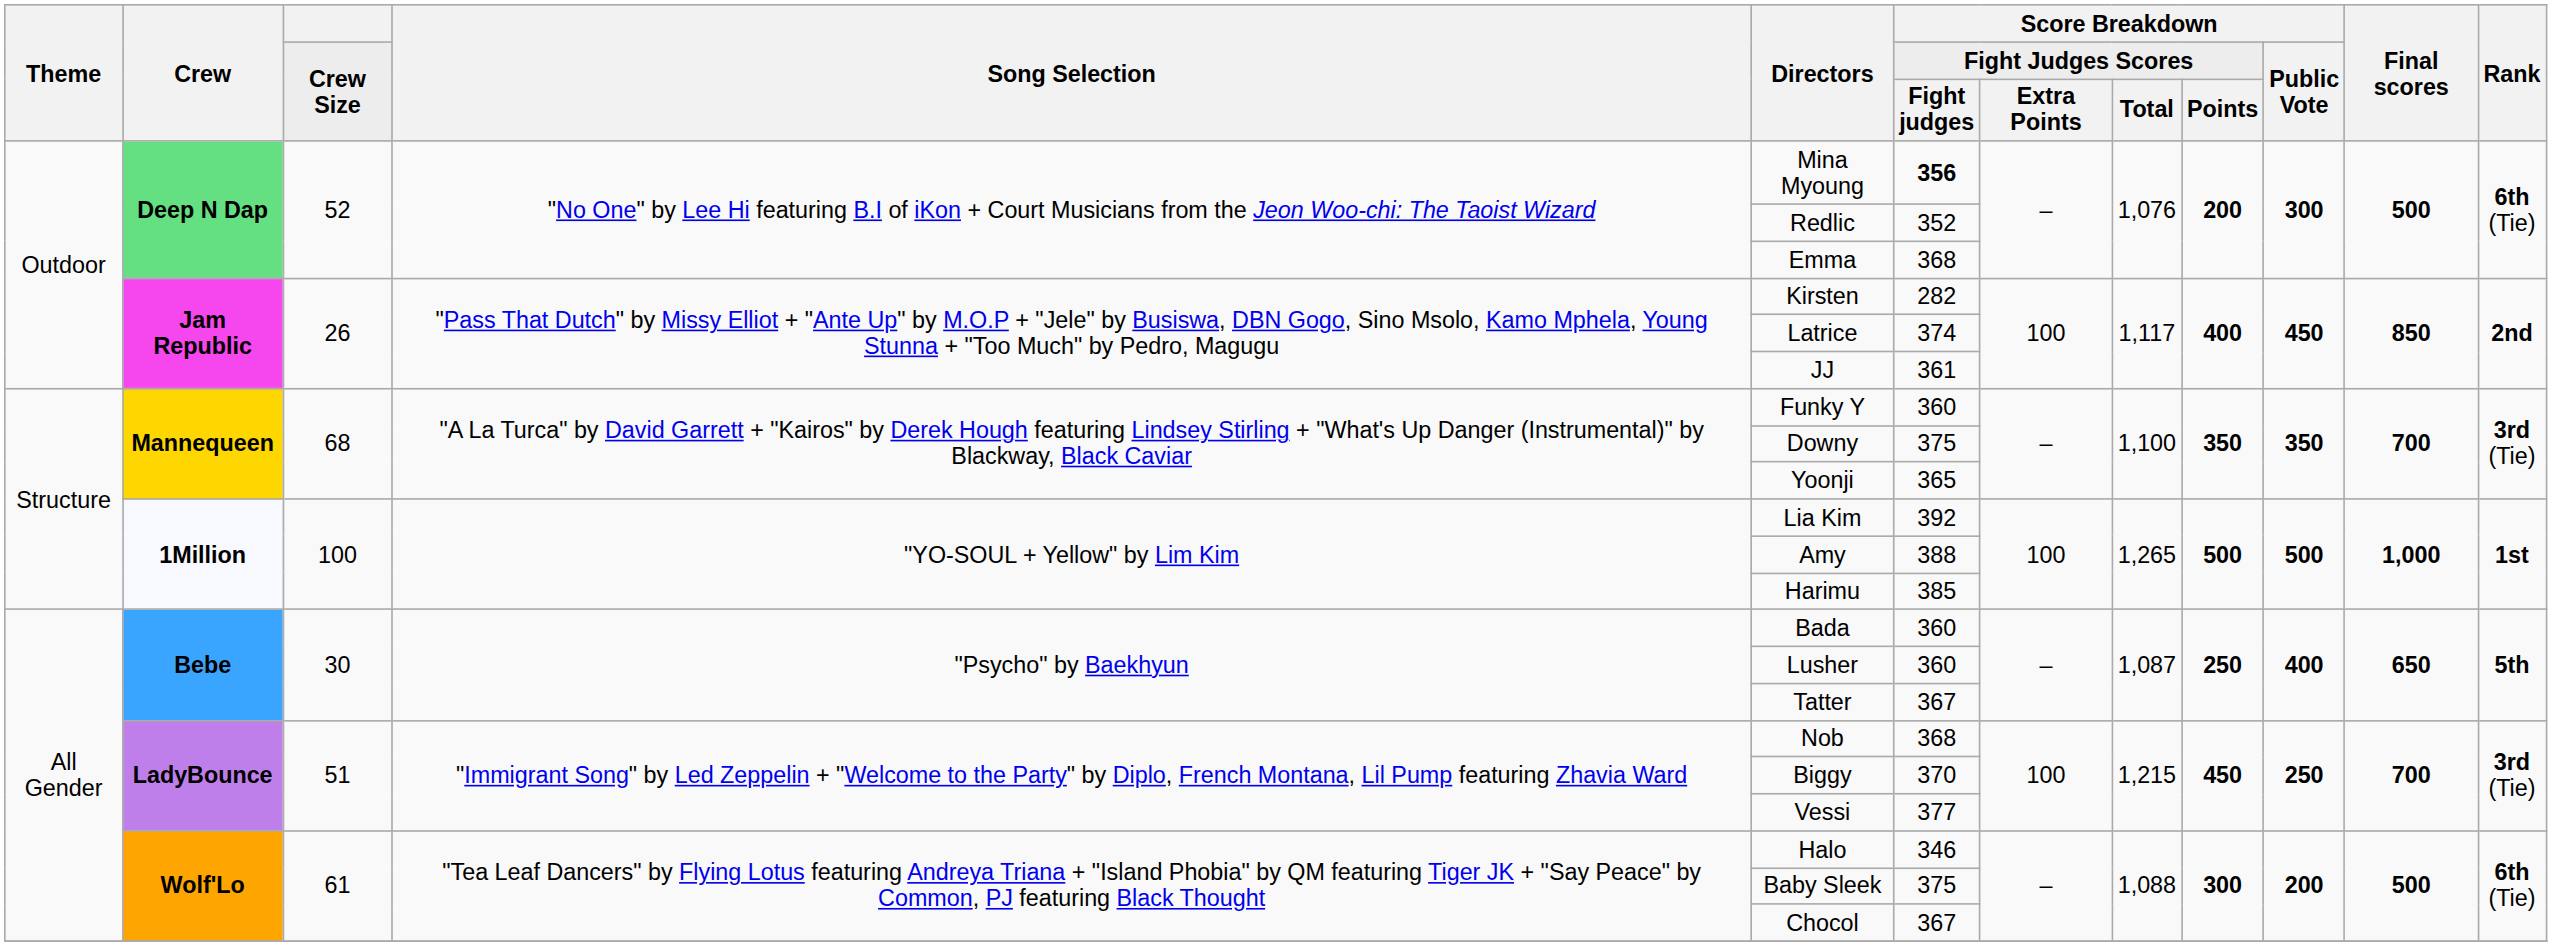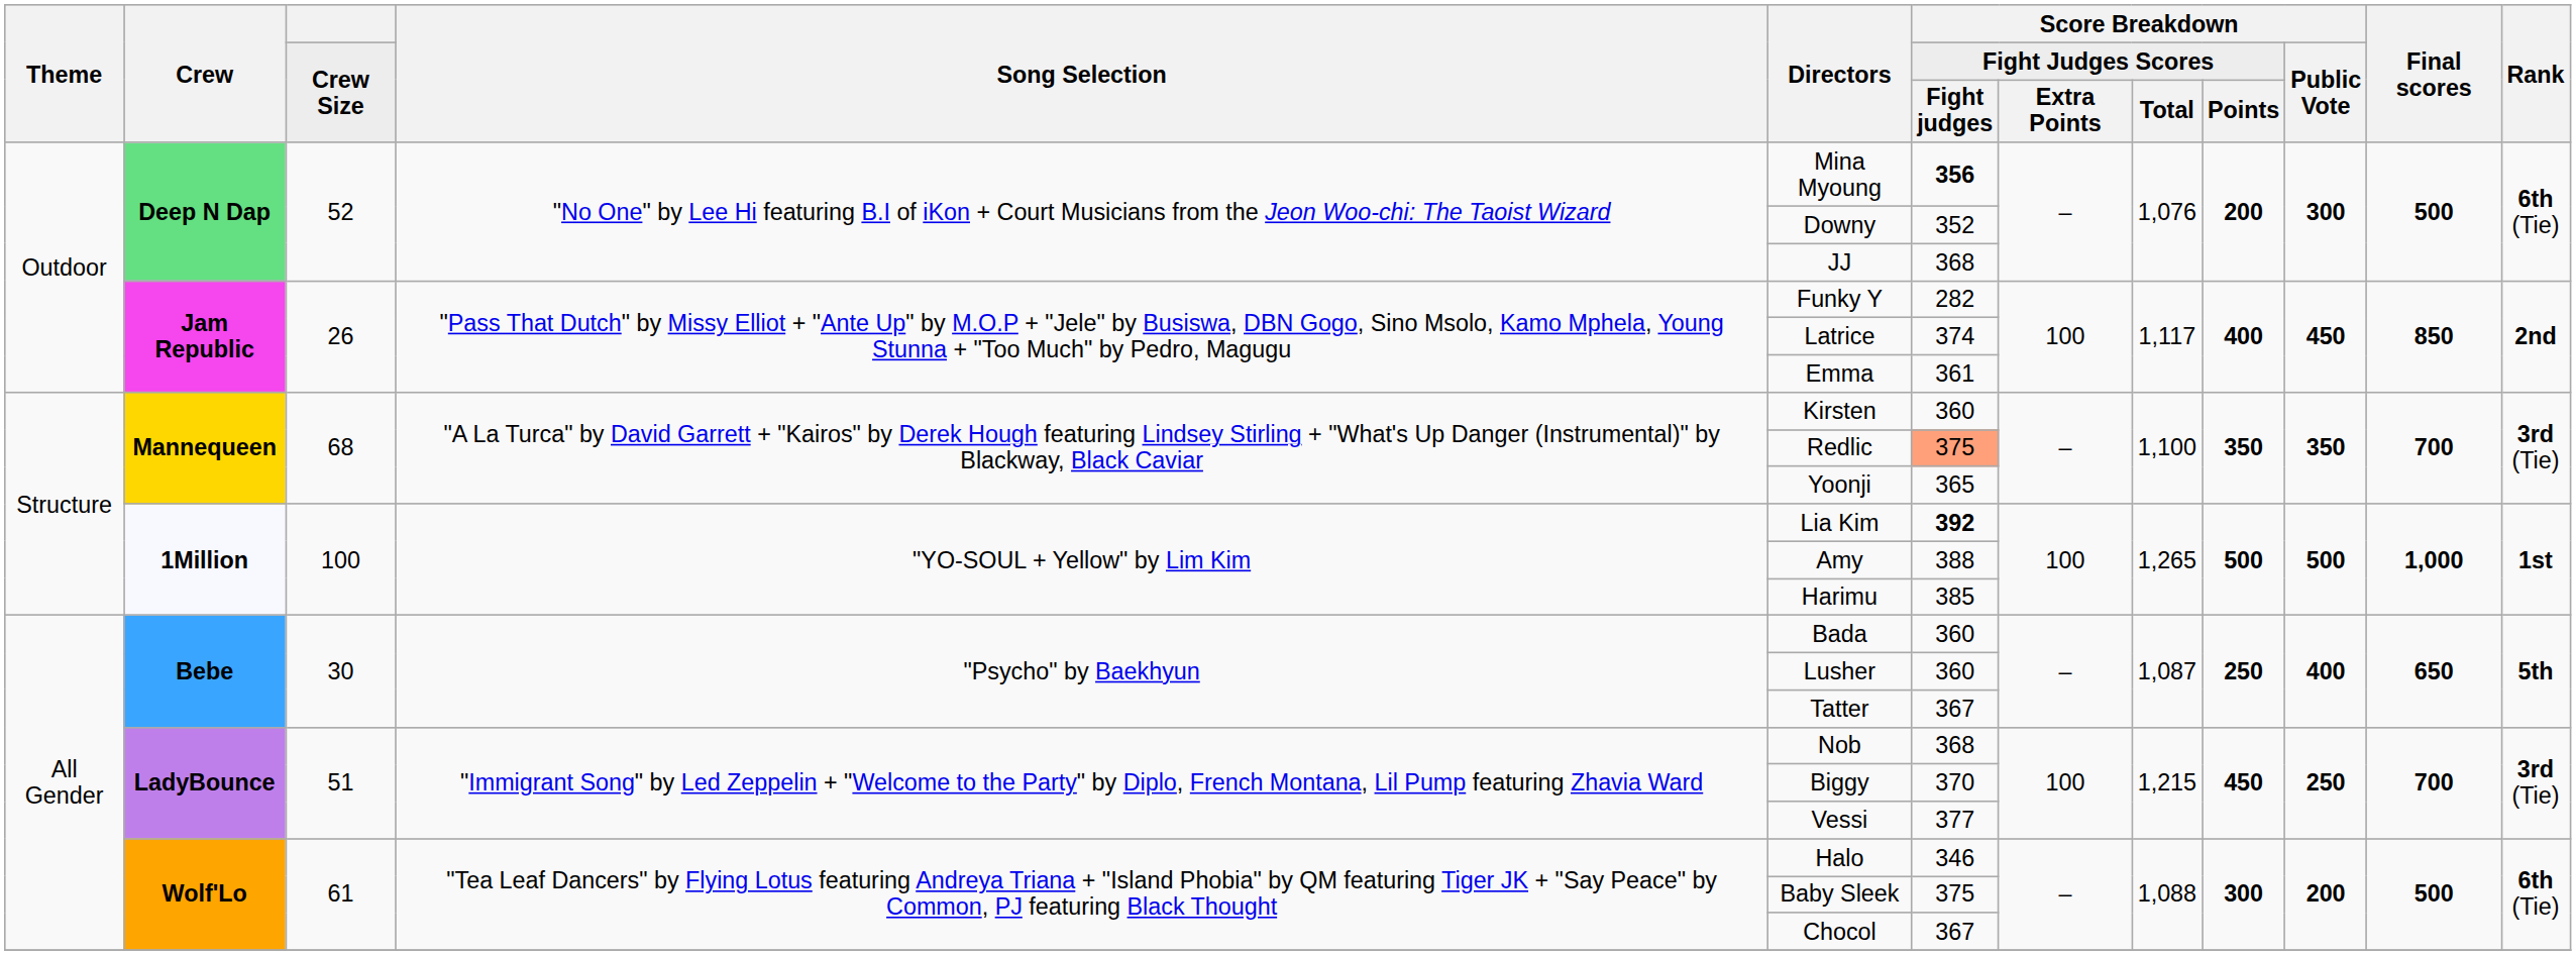 <table class="wikitable sortable" style="text-align:center; font-size:90%">
 <tr>
 <th rowspan="3">Theme</th>
 <th rowspan="3">Crew</th>
 <th></th>
 <th rowspan="3">Song Selection</th>
 <th rowspan="3">Directors</th>
 <th colspan="5">Score Breakdown</th>
 <th rowspan="3">Final scores</th>
 <th rowspan="3">Rank</th>
 </tr>
 <tr>
 <th rowspan="2" style="background:#EDEDED">Crew Size</th>
 <th colspan="4" style="background:#EDEDED">Fight Judges Scores</th>
 <th rowspan="2">Public<br>Vote</th>
 </tr>
 <tr>
 <th>Fight<br>judges</th>
 <th>Extra Points</th>
 <th>Total</th>
 <th>Points</th>
 </tr>
 <tr>
 <td rowspan="6">Outdoor</td>
 <td rowspan="3" style="background:#64E082"><strong>Deep N Dap</strong></td>
 <td rowspan="3">52</td>
 <td rowspan="3">"<a href='#'>No One</a>" by <a href='#'>Lee Hi</a> featuring <a href='#'>B.I</a> of <a href='#'>iKon</a> + Court Musicians from the <em><a href='#'>Jeon Woo-chi: The Taoist Wizard</a></em></td>
 <td>Mina Myoung</td>
 <td><strong>356</strong></td>
 <td rowspan="3">–</td>
 <td rowspan="3">1,076</td>
 <td rowspan="3"><strong>200</strong></td>
 <td rowspan="3"><strong>300</strong></td>
 <td rowspan="3"><strong>500</strong></td>
 <td rowspan="3"><strong>6th</strong><br>(Tie)</td>
 </tr>
 <tr>
-<td>Redlic</td>
+<td>Downy</td>
 <td>352</td>
 </tr>
 <tr>
-<td>Emma</td>
+<td>JJ</td>
 <td>368</td>
 </tr>
 <tr>
 <td style="background:#F646EE" rowspan="3"><strong>Jam Republic</strong></td>
 <td rowspan="3">26</td>
 <td rowspan="3">"<a href='#'>Pass That Dutch</a>" by <a href='#'>Missy Elliot</a> + "<a href='#'>Ante Up</a>" by <a href='#'>M.O.P</a> + "Jele" by <a href='#'>Busiswa</a>, <a href='#'>DBN Gogo</a>, Sino Msolo, <a href='#'>Kamo Mphela</a>, <a href='#'>Young Stunna</a> + "Too Much" by Pedro, Magugu</td>
-<td>Kirsten</td>
+<td>Funky Y</td>
 <td>282</td>
 <td rowspan="3">100</td>
 <td rowspan="3">1,117</td>
 <td rowspan="3"><strong>400</strong></td>
 <td rowspan="3"><strong>450</strong></td>
 <td rowspan="3"><strong>850</strong></td>
 <td rowspan="3"><strong>2nd</strong></td>
 </tr>
 <tr>
 <td>Latrice</td>
 <td>374</td>
 </tr>
 <tr>
-<td>JJ</td>
+<td>Emma</td>
 <td>361</td>
 </tr>
 <tr>
 <td rowspan="6">Structure</td>
 <td rowspan="3" style="background:gold"><strong>Mannequeen</strong></td>
 <td rowspan="3">68</td>
 <td rowspan="3">"A La Turca" by <a href='#'>David Garrett</a> + "Kairos" by <a href='#'>Derek Hough</a> featuring <a href='#'>Lindsey Stirling</a> + "What's Up Danger (Instrumental)" by Blackway, <a href='#'>Black Caviar</a></td>
-<td>Funky Y</td>
+<td>Kirsten</td>
 <td>360</td>
 <td rowspan="3">–</td>
 <td rowspan="3">1,100</td>
 <td rowspan="3"><strong>350</strong></td>
 <td rowspan="3"><strong>350</strong></td>
 <td rowspan="3"><strong>700</strong></td>
 <td rowspan="3"><strong>3rd</strong><br>(Tie)</td>
 </tr>
 <tr>
-<td>Downy</td>
-<td>375</td>
+<td>Redlic</td>
+<td style="background: lightsalmon;">375</td>
 </tr>
 <tr>
 <td>Yoonji</td>
 <td>365</td>
 </tr>
 <tr>
 <td style="background:#F8F8FF" rowspan="3"><strong>1Million</strong></td>
 <td rowspan="3">100</td>
 <td rowspan="3">"YO-SOUL + Yellow" by <a href='#'>Lim Kim</a></td>
 <td>Lia Kim</td>
-<td>392</td>
+<td><strong>392</strong></td>
 <td rowspan="3">100</td>
 <td rowspan="3">1,265</td>
 <td rowspan="3"><strong>500</strong></td>
 <td rowspan="3"><strong>500</strong></td>
 <td rowspan="3"><strong>1,000</strong></td>
 <td rowspan="3"><strong>1st</strong></td>
 </tr>
 <tr>
 <td>Amy</td>
 <td>388</td>
 </tr>
 <tr>
 <td>Harimu</td>
 <td>385</td>
 </tr>
 <tr>
 <td rowspan="9">All Gender</td>
 <td rowspan="3" style="background:#3AA5FF"><strong>Bebe</strong></td>
 <td rowspan="3">30</td>
 <td rowspan="3">"Psycho" by <a href='#'>Baekhyun</a></td>
 <td>Bada</td>
 <td>360</td>
 <td rowspan="3">–</td>
 <td rowspan="3">1,087</td>
 <td rowspan="3"><strong>250</strong></td>
 <td rowspan="3"><strong>400</strong></td>
 <td rowspan="3"><strong>650</strong></td>
 <td rowspan="3"><strong>5th</strong></td>
 </tr>
 <tr>
 <td>Lusher</td>
 <td>360</td>
 </tr>
 <tr>
 <td>Tatter</td>
 <td>367</td>
 </tr>
 <tr>
 <td style="background:#BF7FEB" rowspan="3"><strong>LadyBounce</strong></td>
 <td rowspan="3">51</td>
 <td rowspan="3">"<a href='#'>Immigrant Song</a>" by <a href='#'>Led Zeppelin</a> + "<a href='#'>Welcome to the Party</a>" by <a href='#'>Diplo</a>, <a href='#'>French Montana</a>, <a href='#'>Lil Pump</a> featuring <a href='#'>Zhavia Ward</a></td>
 <td>Nob</td>
 <td>368</td>
 <td rowspan="3">100</td>
 <td rowspan="3">1,215</td>
 <td rowspan="3"><strong>450</strong></td>
 <td rowspan="3"><strong>250</strong></td>
 <td rowspan="3"><strong>700</strong></td>
 <td rowspan="3"><strong>3rd</strong><br>(Tie)</td>
 </tr>
 <tr>
 <td>Biggy</td>
 <td>370</td>
 </tr>
 <tr>
 <td>Vessi</td>
 <td>377</td>
 </tr>
 <tr>
 <td style="background:orange" rowspan="3"><strong>Wolf'Lo</strong></td>
 <td rowspan="3">61</td>
 <td rowspan="3">"Tea Leaf Dancers" by <a href='#'>Flying Lotus</a> featuring <a href='#'>Andreya Triana</a> + "Island Phobia" by QM featuring <a href='#'>Tiger JK</a> + "Say Peace" by <a href='#'>Common</a>, <a href='#'>PJ</a> featuring <a href='#'>Black Thought</a></td>
 <td>Halo</td>
 <td>346</td>
 <td rowspan="3">–</td>
 <td rowspan="3">1,088</td>
 <td rowspan="3"><strong>300</strong></td>
 <td rowspan="3"><strong>200</strong></td>
 <td rowspan="3"><strong>500</strong></td>
 <td rowspan="3"><strong>6th</strong><br>(Tie)</td>
 </tr>
 <tr>
 <td>Baby Sleek</td>
 <td>375</td>
 </tr>
 <tr>
 <td>Chocol</td>
 <td>367</td>
 </tr>
 <tr>
 </tr>
 </table>
